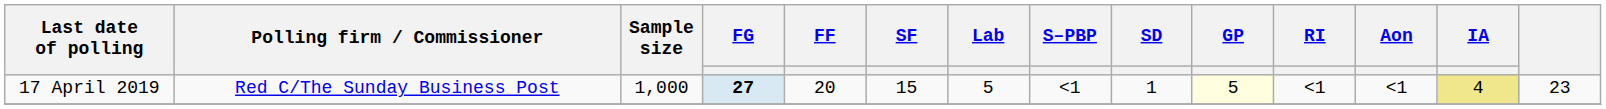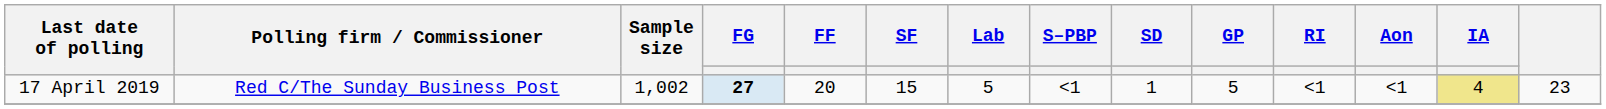 <table class="wikitable sortable collapsible" style="text-align:center;font-size:95%;">
 <tr style="height:42px;">
 <th style="width:110px;" rowspan="2">Last date<br>of polling</th>
 <th style="width:300px;" rowspan="2">Polling firm / Commissioner</th>
 <th class="unsortable" style="width:50px;" rowspan="2">Sample<br>size</th>
 <th class="unsortable" style="width:50px;"><a href='#'>FG</a></th>
 <th class="unsortable" style="width:50px;"><a href='#'>FF</a></th>
 <th class="unsortable" style="width:50px;"><a href='#'>SF</a></th>
 <th class="unsortable" style="width:50px;"><a href='#'>Lab</a></th>
 <th class="unsortable" style="width:50px;"><a href='#'>S–PBP</a></th>
 <th class="unsortable" style="width:50px;"><a href='#'>SD</a></th>
 <th class="unsortable" style="width:50px;"><a href='#'>GP</a></th>
 <th class="unsortable" style="width:50px;"><a href='#'>RI</a></th>
 <th class="unsortable" style="width:50px;"><a href='#'>Aon</a></th>
 <th class="unsortable" style="width:50px;"><a href='#'>IA</a></th>
 <th class="unsortable" style="width:50px;" rowspan="2"></th>
 </tr>
 <tr>
 <th style="color:inherit;background:"></th>
 <th style="color:inherit;background:"></th>
 <th style="color:inherit;background:"></th>
 <th style="color:inherit;background:"></th>
 <th style="color:inherit;background:"></th>
 <th style="color:inherit;background:"></th>
 <th style="color:inherit;background:"></th>
 <th style="color:inherit;background:"></th>
 <th style="color:inherit;background:"></th>
 <th style="color:inherit;background:"></th>
 </tr>
 <tr>
 <td>17 April 2019</td>
 <td data-sort-value="RedC31"><a href='#'>Red C/The Sunday Business Post</a></td>
-<td>1,000</td>
+<td>1,002</td>
 <td style="background:#D9E9F4"><strong>27</strong></td>
 <td>20</td>
 <td>15</td>
 <td>5</td>
 <td><1</td>
 <td>1</td>
-<td style="background: lightyellow;">5</td>
+<td>5</td>
 <td><1</td>
 <td><1</td>
 <td style="background: khaki;">4</td>
 <td>23</td>
 </tr>
 <tr>
 </tr>
 </table>
